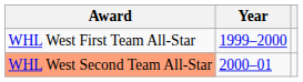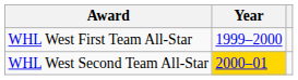 <table class="wikitable">
 <tr>
 <th>Award</th>
 <th>Year</th>
 <th></th>
 </tr>
 <tr>
 <td><a href='#'>WHL</a> West First Team All-Star</td>
 <td><a href='#'>1999–2000</a></td>
 <td></td>
 </tr>
 <tr>
-<td style="background: lightsalmon;"><a href='#'>WHL</a> West Second Team All-Star</td>
-<td><a href='#'>2000–01</a></td>
+<td><a href='#'>WHL</a> West Second Team All-Star</td>
+<td style="background: gold;"><a href='#'>2000–01</a></td>
 <td></td>
 </tr>
 </table>
